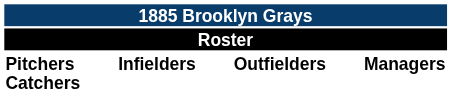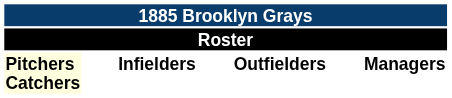 <table class="toccolours" style="font-size: 95%;">
 <tr>
 <th colspan="10" style="background-color: #083c6b; color: white; text-align: center;">1885 Brooklyn Grays</th>
 </tr>
 <tr>
 <td colspan="10" style="background-color: black; color: #FFFFFF; text-align: center;"><strong>Roster</strong></td>
 </tr>
 <tr>
-<td valign="top"><strong>Pitchers</strong><br>   <strong>Catchers</strong>       </td>
+<td valign="top" style="background: lightyellow;"><strong>Pitchers</strong><br>   <strong>Catchers</strong>       </td>
 <td width="25px"></td>
 <td valign="top"><strong>Infielders</strong><br>     </td>
 <td width="25px"></td>
 <td valign="top"><strong>Outfielders</strong><br>    </td>
 <td width="25px"></td>
 <td valign="top"><strong>Managers</strong><br> </td>
 </tr>
 </table>
